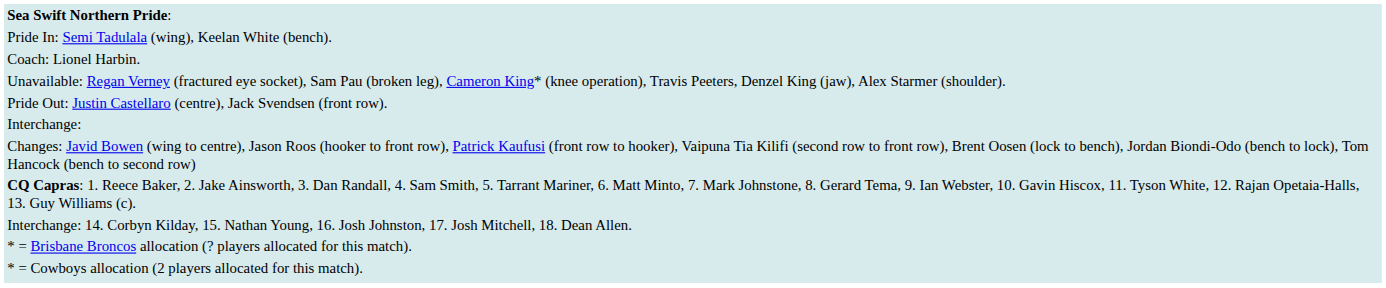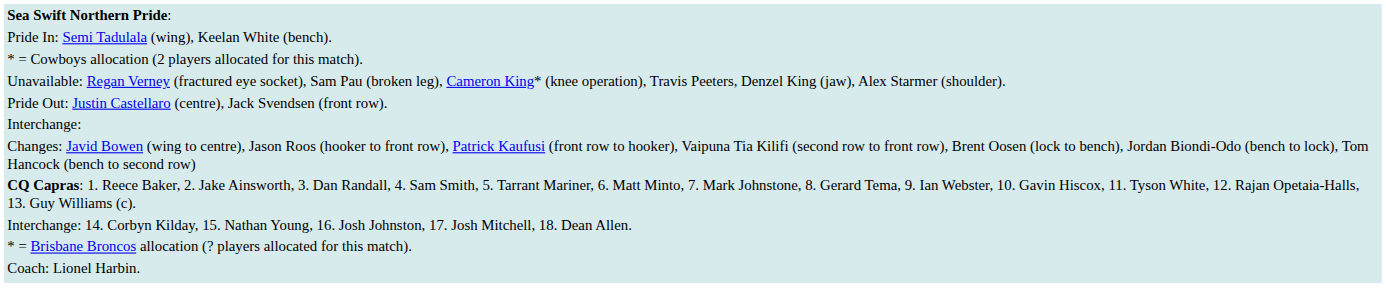 <table style="background:#d7ebed; font-size:85%; width:100%;">
 <tr>
 <td><strong>Sea Swift Northern Pride</strong>:             </td>
 </tr>
 <tr>
 <td>Pride In: <a href='#'>Semi Tadulala</a> (wing), Keelan White (bench).</td>
 </tr>
 <tr>
-<td>Coach: Lionel Harbin.</td>
+<td>* = Cowboys allocation (2 players allocated for this match).</td>
 </tr>
 <tr>
 <td>Unavailable: <a href='#'>Regan Verney</a> (fractured eye socket), Sam Pau (broken leg), <a href='#'>Cameron King</a>* (knee operation), Travis Peeters, Denzel King (jaw), Alex Starmer (shoulder).</td>
 </tr>
 <tr>
 <td>Pride Out: <a href='#'>Justin Castellaro</a> (centre), Jack Svendsen (front row).</td>
 </tr>
 <tr>
 <td>Interchange:    </td>
 </tr>
 <tr>
 <td>Changes: <a href='#'>Javid Bowen</a> (wing to centre), Jason Roos (hooker to front row), <a href='#'>Patrick Kaufusi</a> (front row to hooker), Vaipuna Tia Kilifi (second row to front row), Brent Oosen (lock to bench), Jordan Biondi-Odo (bench to lock), Tom Hancock (bench to second row)</td>
 </tr>
 <tr>
 <td><strong>CQ Capras</strong>:  1. Reece Baker, 2. Jake Ainsworth, 3. Dan Randall, 4. Sam Smith, 5. Tarrant Mariner, 6. Matt Minto, 7. Mark Johnstone, 8. Gerard Tema, 9. Ian Webster, 10. Gavin Hiscox, 11. Tyson White, 12. Rajan Opetaia-Halls, 13. Guy Williams (c).</td>
 </tr>
 <tr>
 <td>Interchange: 14. Corbyn Kilday, 15. Nathan Young, 16. Josh Johnston, 17. Josh Mitchell, 18. Dean Allen.</td>
 </tr>
 <tr>
 <td>* = <a href='#'>Brisbane Broncos</a> allocation (? players allocated for this match).</td>
 </tr>
 <tr>
-<td>* = Cowboys allocation (2 players allocated for this match).</td>
+<td>Coach: Lionel Harbin.</td>
 </tr>
 <tr>
 </tr>
 </table>
